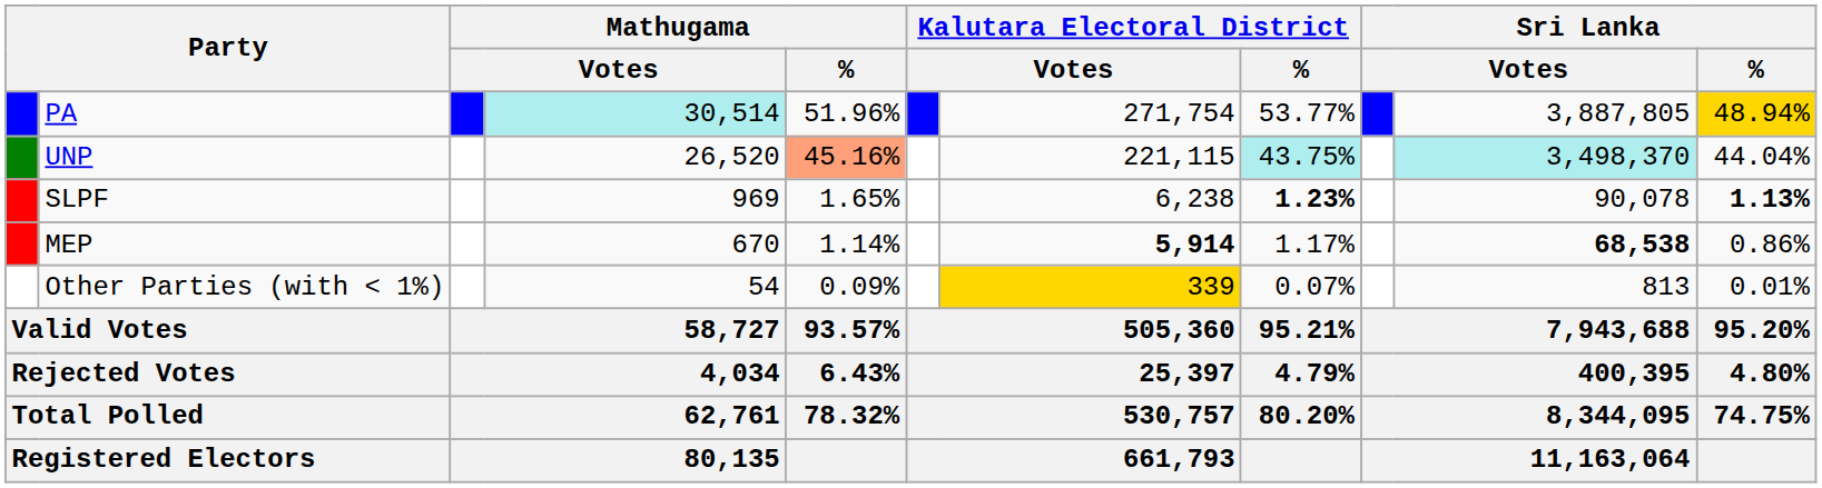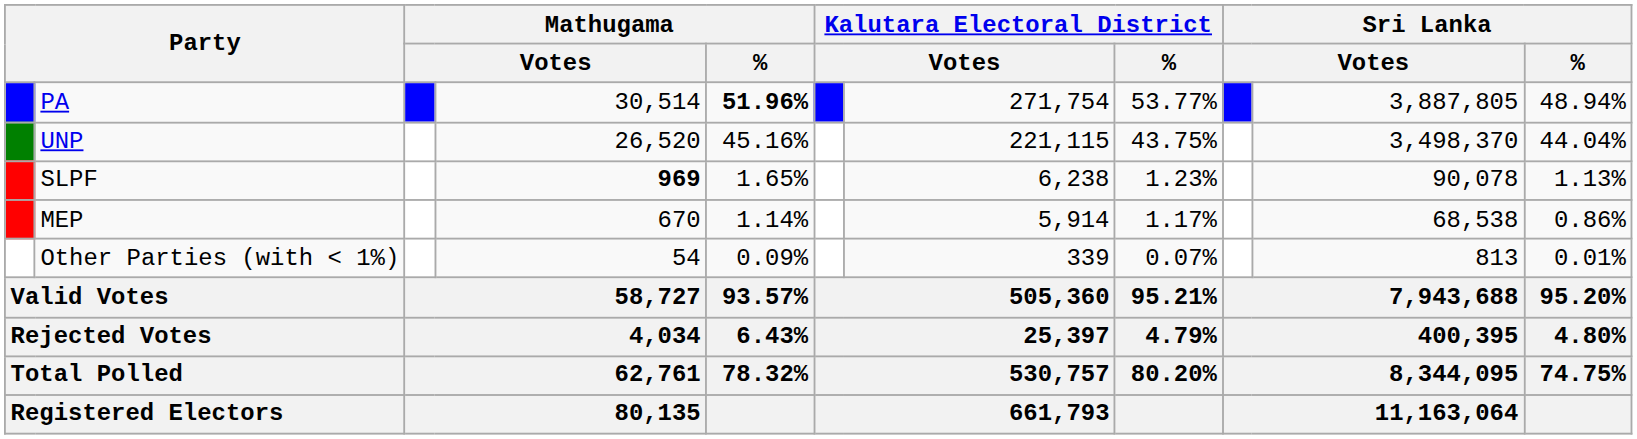 <table class="wikitable">
 <tr>
 <th colspan="2" width="144px"rowspan="2">Party</th>
 <th colspan="3" width="216px">Mathugama</th>
 <th colspan="3" width="216px"><a href='#'>Kalutara Electoral District</a></th>
 <th colspan="3" width="216px">Sri Lanka</th>
 </tr>
 <tr>
 <th colspan="2" width="144px">Votes</th>
 <th>%</th>
 <th colspan="2" width="144px">Votes</th>
 <th>%</th>
 <th colspan="2" width="144px">Votes</th>
 <th>%</th>
 </tr>
 <tr>
 <td style="background-color:blue;" width="10px"></td>
 <td style="text-align:left;"><a href='#'>PA</a></td>
 <td style="background-color:blue;" width="10px"></td>
-<td style="background: paleturquoise; text-align:right;">30,514</td>
-<td style="text-align:right;">51.96%</td>
+<td style="text-align:right;">30,514</td>
+<td style="text-align:right;"><strong>51.96%</strong></td>
 <td style="background-color:blue;" width="10px"></td>
 <td style="text-align:right;">271,754</td>
 <td style="text-align:right;">53.77%</td>
 <td style="background-color:blue;" width="10px"></td>
 <td style="text-align:right;">3,887,805</td>
-<td style="background: gold; text-align:right;">48.94%</td>
+<td style="text-align:right;">48.94%</td>
 </tr>
 <tr>
 <td style="background-color:green;" width="10px"></td>
 <td style="text-align:left;"><a href='#'>UNP</a></td>
 <td style="background-color:white;" width="10px"></td>
 <td style="text-align:right;">26,520</td>
-<td style="background: lightsalmon; text-align:right;">45.16%</td>
+<td style="text-align:right;">45.16%</td>
 <td style="background-color:white;" width="10px"></td>
 <td style="text-align:right;">221,115</td>
-<td style="background: paleturquoise; text-align:right;">43.75%</td>
+<td style="text-align:right;">43.75%</td>
 <td style="background-color:white;" width="10px"></td>
-<td style="background: paleturquoise; text-align:right;">3,498,370</td>
+<td style="text-align:right;">3,498,370</td>
 <td style="text-align:right;">44.04%</td>
 </tr>
 <tr>
 <td style="background-color:red;" width="10px"></td>
 <td style="text-align:left;">SLPF</td>
 <td style="background-color:white;" width="10px"></td>
-<td style="text-align:right;">969</td>
+<td style="text-align:right;"><strong>969</strong></td>
 <td style="text-align:right;">1.65%</td>
 <td style="background-color:white;" width="10px"></td>
 <td style="text-align:right;">6,238</td>
-<td style="text-align:right;"><strong>1.23%</strong></td>
+<td style="text-align:right;">1.23%</td>
 <td style="background-color:white;" width="10px"></td>
 <td style="text-align:right;">90,078</td>
-<td style="text-align:right;"><strong>1.13%</strong></td>
+<td style="text-align:right;">1.13%</td>
 </tr>
 <tr>
 <td style="background-color:red;" width="10px"></td>
 <td style="text-align:left;">MEP</td>
 <td style="background-color:white;" width="10px"></td>
 <td style="text-align:right;">670</td>
 <td style="text-align:right;">1.14%</td>
 <td style="background-color:white;" width="10px"></td>
-<td style="text-align:right;"><strong>5,914</strong></td>
+<td style="text-align:right;">5,914</td>
 <td style="text-align:right;">1.17%</td>
 <td style="background-color:white;" width="10px"></td>
-<td style="text-align:right;"><strong>68,538</strong></td>
+<td style="text-align:right;">68,538</td>
 <td style="text-align:right;">0.86%</td>
 </tr>
 <tr>
 <td style="background-color:white;" width="10px"></td>
 <td style="text-align:left;">Other Parties (with < 1%)</td>
 <td style="background-color:white;" width="10px"></td>
 <td style="text-align:right;">54</td>
 <td style="text-align:right;">0.09%</td>
 <td style="background-color:white;" width="10px"></td>
-<td style="background: gold; text-align:right;">339</td>
+<td style="text-align:right;">339</td>
 <td style="text-align:right;">0.07%</td>
 <td style="background-color:white;" width="10px"></td>
 <td style="text-align:right;">813</td>
 <td style="text-align:right;">0.01%</td>
 </tr>
 <tr>
 <th colspan="2" width="144px"style="text-align:left;">Valid Votes</th>
 <th style="text-align:right;"colspan="2" width="144px">58,727</th>
 <th style="text-align:right;">93.57%</th>
 <th style="text-align:right;"colspan="2" width="144px">505,360</th>
 <th style="text-align:right;">95.21%</th>
 <th style="text-align:right;"colspan="2" width="144px">7,943,688</th>
 <th style="text-align:right;">95.20%</th>
 </tr>
 <tr>
 <th colspan="2" width="144px"style="text-align:left;">Rejected Votes</th>
 <th style="text-align:right;"colspan="2" width="144px">4,034</th>
 <th style="text-align:right;">6.43%</th>
 <th style="text-align:right;"colspan="2" width="144px">25,397</th>
 <th style="text-align:right;">4.79%</th>
 <th style="text-align:right;"colspan="2" width="144px">400,395</th>
 <th style="text-align:right;">4.80%</th>
 </tr>
 <tr>
 <th colspan="2" width="144px"style="text-align:left;">Total Polled</th>
 <th style="text-align:right;"colspan="2" width="144px">62,761</th>
 <th style="text-align:right;">78.32%</th>
 <th style="text-align:right;"colspan="2" width="144px">530,757</th>
 <th style="text-align:right;">80.20%</th>
 <th style="text-align:right;"colspan="2" width="144px">8,344,095</th>
 <th style="text-align:right;">74.75%</th>
 </tr>
 <tr>
 <th colspan="2" width="144px"style="text-align:left;">Registered Electors</th>
 <th style="text-align:right;"colspan="2" width="144px">80,135</th>
 <th></th>
 <th style="text-align:right;"colspan="2" width="144px">661,793</th>
 <th></th>
 <th style="text-align:right;"colspan="2" width="144px">11,163,064</th>
 <th></th>
 </tr>
 </table>
